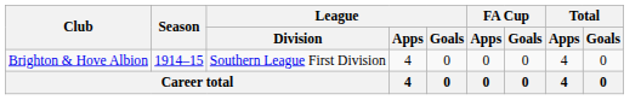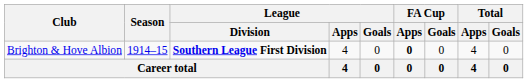 <table class="wikitable" style="text-align: center;">
 <tr>
 <th rowspan="2">Club</th>
 <th rowspan="2">Season</th>
 <th colspan="3">League</th>
 <th colspan="2">FA Cup</th>
 <th colspan="2">Total</th>
 </tr>
 <tr>
 <th>Division</th>
 <th>Apps</th>
 <th>Goals</th>
 <th>Apps</th>
 <th>Goals</th>
 <th>Apps</th>
 <th>Goals</th>
 </tr>
 <tr>
 <td><a href='#'>Brighton & Hove Albion</a></td>
 <td><a href='#'>1914–15</a></td>
-<td><a href='#'>Southern League</a> First Division</td>
+<td><strong><a href='#'>Southern League</a> First Division</strong></td>
 <td>4</td>
 <td>0</td>
-<td>0</td>
+<td><strong>0</strong></td>
 <td>0</td>
 <td>4</td>
 <td>0</td>
 </tr>
 <tr>
 <th colspan="3">Career total</th>
 <th>4</th>
 <th>0</th>
 <th>0</th>
 <th>0</th>
 <th>4</th>
 <th>0</th>
 </tr>
 </table>
